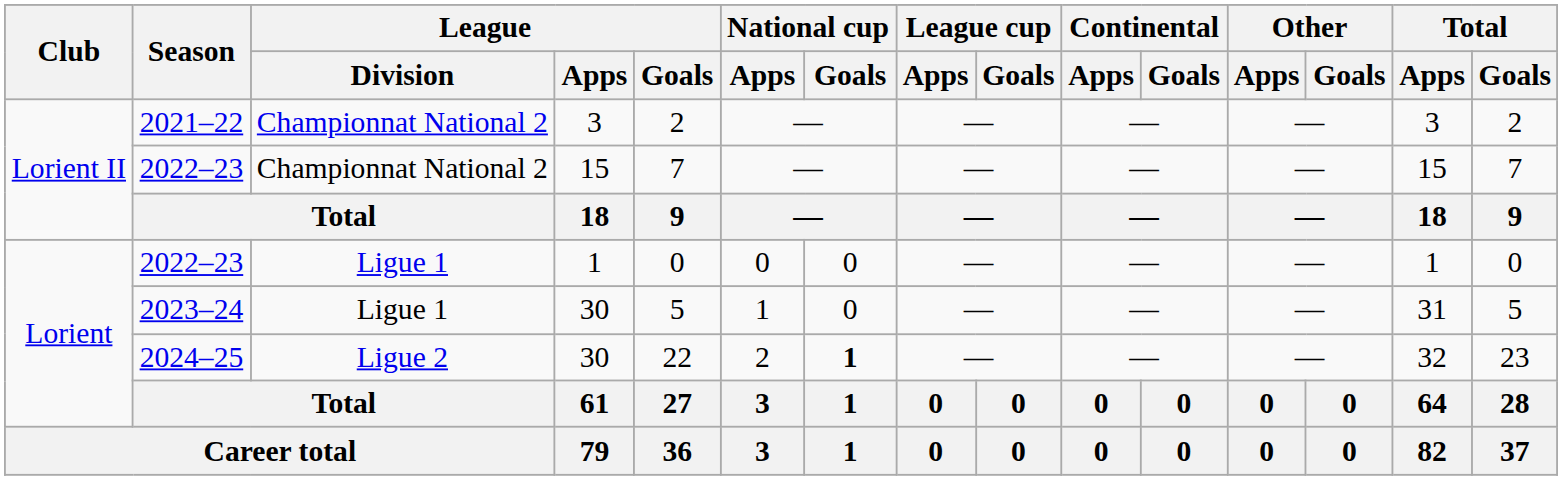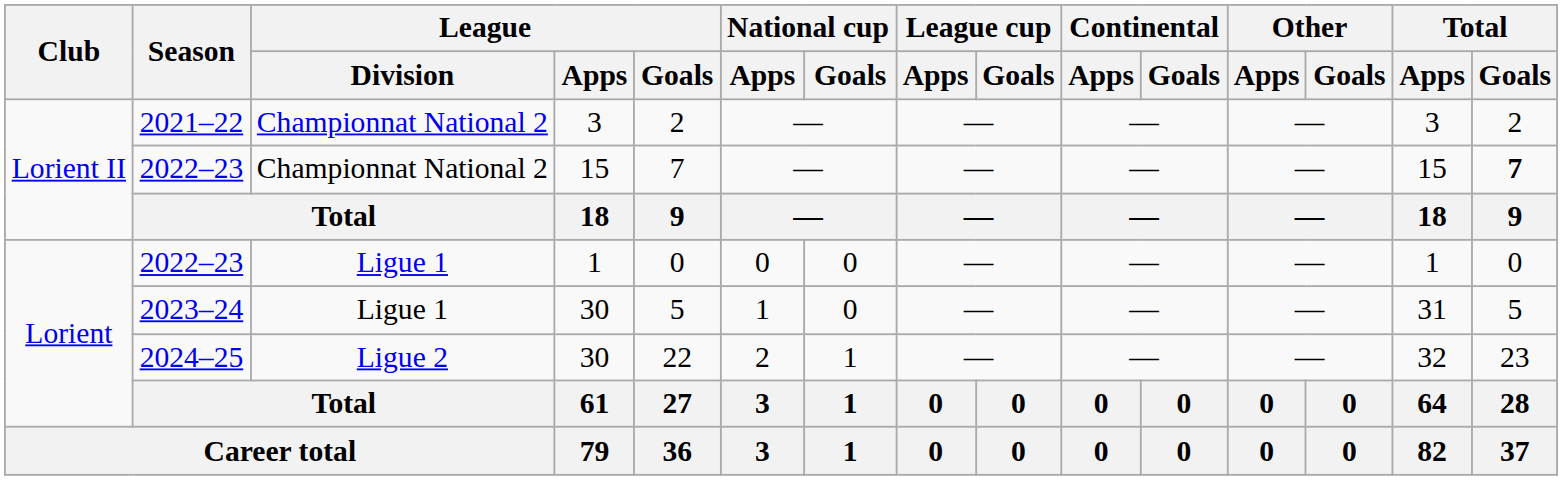 <table class=wikitable style=text-align:center>
 <tr>
 <th rowspan="2">Club</th>
 <th rowspan="2">Season</th>
 <th colspan="3">League</th>
 <th colspan="2">National cup</th>
 <th colspan="2">League cup</th>
 <th colspan="2">Continental</th>
 <th colspan="2">Other</th>
 <th colspan="2">Total</th>
 </tr>
 <tr>
 <th>Division</th>
 <th>Apps</th>
 <th>Goals</th>
 <th>Apps</th>
 <th>Goals</th>
 <th>Apps</th>
 <th>Goals</th>
 <th>Apps</th>
 <th>Goals</th>
 <th>Apps</th>
 <th>Goals</th>
 <th>Apps</th>
 <th>Goals</th>
 </tr>
 <tr>
 <td rowspan=3><a href='#'>Lorient II</a></td>
 <td><a href='#'>2021–22</a></td>
 <td><a href='#'>Championnat National 2</a></td>
 <td>3</td>
 <td>2</td>
 <td colspan="2">—</td>
 <td colspan="2">—</td>
 <td colspan="2">—</td>
 <td colspan="2">—</td>
 <td>3</td>
 <td>2</td>
 </tr>
 <tr>
 <td><a href='#'>2022–23</a></td>
 <td>Championnat National 2</td>
 <td>15</td>
 <td>7</td>
 <td colspan="2">—</td>
 <td colspan="2">—</td>
 <td colspan="2">—</td>
 <td colspan="2">—</td>
 <td>15</td>
-<td>7</td>
+<td><strong>7</strong></td>
 </tr>
 <tr>
 <th colspan="2">Total</th>
 <th>18</th>
 <th>9</th>
 <th colspan="2">—</th>
 <th colspan="2">—</th>
 <th colspan="2">—</th>
 <th colspan="2">—</th>
 <th>18</th>
 <th>9</th>
 </tr>
 <tr>
 <td rowspan=4><a href='#'>Lorient</a></td>
 <td><a href='#'>2022–23</a></td>
 <td><a href='#'>Ligue 1</a></td>
 <td>1</td>
 <td>0</td>
 <td>0</td>
 <td>0</td>
 <td colspan="2">—</td>
 <td colspan="2">—</td>
 <td colspan="2">—</td>
 <td>1</td>
 <td>0</td>
 </tr>
 <tr>
 <td><a href='#'>2023–24</a></td>
 <td>Ligue 1</td>
 <td>30</td>
 <td>5</td>
 <td>1</td>
 <td>0</td>
 <td colspan="2">—</td>
 <td colspan="2">—</td>
 <td colspan="2">—</td>
 <td>31</td>
 <td>5</td>
 </tr>
 <tr>
 <td><a href='#'>2024–25</a></td>
 <td><a href='#'>Ligue 2</a></td>
 <td>30</td>
 <td>22</td>
 <td>2</td>
-<td><strong>1</strong></td>
+<td>1</td>
 <td colspan="2">—</td>
 <td colspan="2">—</td>
 <td colspan="2">—</td>
 <td>32</td>
 <td>23</td>
 </tr>
 <tr>
 <th colspan="2">Total</th>
 <th>61</th>
 <th>27</th>
 <th>3</th>
 <th>1</th>
 <th>0</th>
 <th>0</th>
 <th>0</th>
 <th>0</th>
 <th>0</th>
 <th>0</th>
 <th>64</th>
 <th>28</th>
 </tr>
 <tr>
 <th colspan="3">Career total</th>
 <th>79</th>
 <th>36</th>
 <th>3</th>
 <th>1</th>
 <th>0</th>
 <th>0</th>
 <th>0</th>
 <th>0</th>
 <th>0</th>
 <th>0</th>
 <th>82</th>
 <th>37</th>
 </tr>
 </table>
